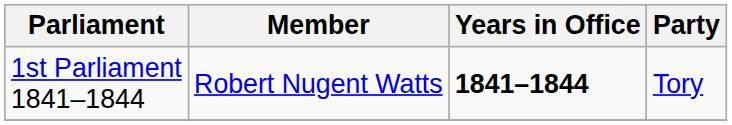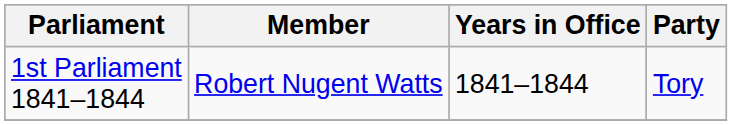 <table class="wikitable">
 <tr>
 <th>Parliament</th>
 <th colspan="2">Member</th>
 <th>Years in Office</th>
 <th>Party</th>
 </tr>
 <tr>
 <td><a href='#'>1st Parliament</a><br>1841–1844</td>
 <td colspan="2"><a href='#'>Robert Nugent Watts</a></td>
-<td><strong>1841–1844</strong></td>
+<td>1841–1844</td>
 <td><a href='#'>Tory</a></td>
 </tr>
 <tr>
 </tr>
 </table>
